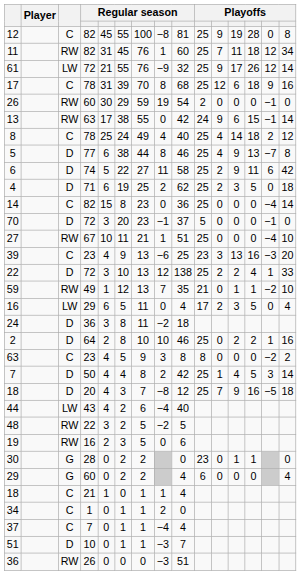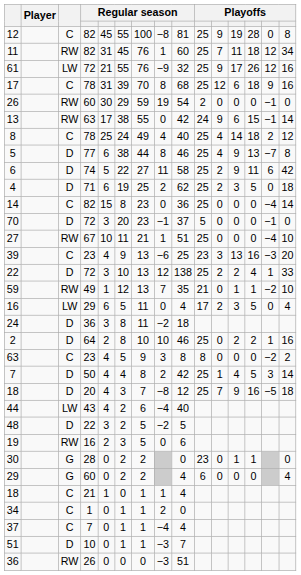 <table class="wikitable sortable plainrowheaders" style="text-align:center;">
 <tr>
 <th scope="col" data-sort-type="number" rowspan="2"></th>
 <th scope="col" rowspan="2">Player</th>
 <th scope="col" rowspan="2"></th>
 <th scope=colgroup colspan=6>Regular season</th>
 <th scope=colgroup colspan=6>Playoffs</th>
 </tr>
 <tr>
 <th scope="col" data-sort-type="number"></th>
 <th scope="col" data-sort-type="number"></th>
 <th scope="col" data-sort-type="number"></th>
 <th scope="col" data-sort-type="number"></th>
 <th scope="col" data-sort-type="number"></th>
 <th scope="col" data-sort-type="number"></th>
 <th scope="col" data-sort-type="number"></th>
 <th scope="col" data-sort-type="number"></th>
 <th scope="col" data-sort-type="number"></th>
 <th scope="col" data-sort-type="number"></th>
 <th scope="col" data-sort-type="number"></th>
 <th scope="col" data-sort-type="number"></th>
 </tr>
 <tr>
 <td scope="row">12</td>
 <td align="left"></td>
 <td>C</td>
 <td>82</td>
 <td>45</td>
 <td>55</td>
 <td>100</td>
 <td>−8</td>
 <td>81</td>
 <td>25</td>
 <td>9</td>
 <td>19</td>
 <td>28</td>
 <td>0</td>
 <td>8</td>
 </tr>
 <tr>
 <td scope="row">11</td>
 <td align="left"></td>
 <td>RW</td>
 <td>82</td>
 <td>31</td>
 <td>45</td>
 <td>76</td>
 <td>1</td>
 <td>60</td>
 <td>25</td>
 <td>7</td>
 <td>11</td>
 <td>18</td>
 <td>12</td>
 <td>34</td>
 </tr>
 <tr>
 <td scope="row">61</td>
 <td align="left"></td>
 <td>LW</td>
 <td>72</td>
 <td>21</td>
 <td>55</td>
 <td>76</td>
 <td>−9</td>
 <td>32</td>
 <td>25</td>
 <td>9</td>
 <td>17</td>
 <td>26</td>
 <td>12</td>
-<td>14</td>
+<td>16</td>
 </tr>
 <tr>
 <td scope="row">17</td>
 <td align="left"></td>
 <td>C</td>
 <td>78</td>
 <td>31</td>
 <td>39</td>
 <td>70</td>
 <td>8</td>
 <td>68</td>
 <td>25</td>
 <td>12</td>
 <td>6</td>
 <td>18</td>
 <td>9</td>
 <td>16</td>
 </tr>
 <tr>
 <td scope="row">26</td>
 <td align="left"></td>
 <td>RW</td>
 <td>60</td>
 <td>30</td>
 <td>29</td>
 <td>59</td>
 <td>19</td>
 <td>54</td>
 <td>2</td>
 <td>0</td>
 <td>0</td>
 <td>0</td>
 <td>−1</td>
 <td>0</td>
 </tr>
 <tr>
 <td scope="row">13</td>
 <td align="left"></td>
 <td>RW</td>
 <td>63</td>
 <td>17</td>
 <td>38</td>
 <td>55</td>
 <td>0</td>
 <td>42</td>
 <td>24</td>
 <td>9</td>
 <td>6</td>
 <td>15</td>
 <td>−1</td>
 <td>14</td>
 </tr>
 <tr>
 <td scope="row">8</td>
 <td align="left"></td>
 <td>C</td>
 <td>78</td>
 <td>25</td>
 <td>24</td>
 <td>49</td>
 <td>4</td>
 <td>40</td>
 <td>25</td>
 <td>4</td>
 <td>14</td>
 <td>18</td>
 <td>2</td>
 <td>12</td>
 </tr>
 <tr>
 <td scope="row">5</td>
 <td align="left"></td>
 <td>D</td>
 <td>77</td>
 <td>6</td>
 <td>38</td>
 <td>44</td>
 <td>8</td>
 <td>46</td>
 <td>25</td>
 <td>4</td>
 <td>9</td>
 <td>13</td>
 <td>−7</td>
 <td>8</td>
 </tr>
 <tr>
 <td scope="row">6</td>
 <td align="left"></td>
 <td>D</td>
 <td>74</td>
 <td>5</td>
 <td>22</td>
 <td>27</td>
 <td>11</td>
 <td>58</td>
 <td>25</td>
 <td>2</td>
 <td>9</td>
 <td>11</td>
 <td>6</td>
 <td>42</td>
 </tr>
 <tr>
 <td scope="row">4</td>
 <td align="left"></td>
 <td>D</td>
 <td>71</td>
 <td>6</td>
 <td>19</td>
 <td>25</td>
 <td>2</td>
 <td>62</td>
 <td>25</td>
 <td>2</td>
 <td>3</td>
 <td>5</td>
 <td>0</td>
 <td>18</td>
 </tr>
 <tr>
 <td scope="row">14</td>
 <td align="left"></td>
 <td>C</td>
 <td>82</td>
 <td>15</td>
 <td>8</td>
 <td>23</td>
 <td>0</td>
 <td>36</td>
 <td>25</td>
 <td>0</td>
 <td>0</td>
 <td>0</td>
 <td>−4</td>
 <td>14</td>
 </tr>
 <tr>
 <td scope="row">70</td>
 <td align="left"></td>
 <td>D</td>
 <td>72</td>
 <td>3</td>
 <td>20</td>
 <td>23</td>
 <td>−1</td>
 <td>37</td>
 <td>5</td>
 <td>0</td>
 <td>0</td>
 <td>0</td>
 <td>−1</td>
 <td>0</td>
 </tr>
 <tr>
 <td scope="row">27</td>
 <td align="left"></td>
 <td>RW</td>
 <td>67</td>
 <td>10</td>
 <td>11</td>
 <td>21</td>
 <td>1</td>
 <td>51</td>
 <td>25</td>
 <td>0</td>
 <td>0</td>
 <td>0</td>
 <td>−4</td>
 <td>10</td>
 </tr>
 <tr>
 <td scope="row">39</td>
 <td align="left"></td>
 <td>C</td>
 <td>23</td>
 <td>4</td>
 <td>9</td>
 <td>13</td>
 <td>−6</td>
 <td>25</td>
 <td>23</td>
 <td>3</td>
 <td>13</td>
 <td>16</td>
 <td>−3</td>
 <td>20</td>
 </tr>
 <tr>
 <td scope="row">22</td>
 <td align="left"></td>
 <td>D</td>
 <td>72</td>
 <td>3</td>
 <td>10</td>
 <td>13</td>
 <td>12</td>
 <td>138</td>
 <td>25</td>
 <td>2</td>
 <td>2</td>
 <td>4</td>
 <td>1</td>
 <td>33</td>
 </tr>
 <tr>
 <td scope="row">59</td>
 <td align="left"></td>
 <td>RW</td>
 <td>49</td>
 <td>1</td>
 <td>12</td>
 <td>13</td>
 <td>7</td>
 <td>35</td>
 <td>21</td>
 <td>0</td>
 <td>1</td>
 <td>1</td>
 <td>−2</td>
 <td>10</td>
 </tr>
 <tr>
 <td scope="row">16</td>
 <td align="left"></td>
 <td>LW</td>
 <td>29</td>
 <td>6</td>
 <td>5</td>
 <td>11</td>
 <td>0</td>
 <td>4</td>
 <td>17</td>
 <td>2</td>
 <td>3</td>
 <td>5</td>
 <td>0</td>
 <td>4</td>
 </tr>
 <tr>
 <td scope="row">24</td>
 <td align="left"></td>
 <td>D</td>
 <td>36</td>
 <td>3</td>
 <td>8</td>
 <td>11</td>
 <td>−2</td>
 <td>18</td>
 <td></td>
 <td></td>
 <td></td>
 <td></td>
 <td></td>
 <td></td>
 </tr>
 <tr>
 <td scope="row">2</td>
 <td align="left"></td>
 <td>D</td>
 <td>64</td>
 <td>2</td>
 <td>8</td>
 <td>10</td>
 <td>10</td>
 <td>46</td>
 <td>25</td>
 <td>0</td>
 <td>2</td>
 <td>2</td>
 <td>1</td>
 <td>16</td>
 </tr>
 <tr>
 <td scope="row">63</td>
 <td align="left"></td>
 <td>C</td>
 <td>23</td>
 <td>4</td>
 <td>5</td>
 <td>9</td>
 <td>3</td>
 <td>8</td>
 <td>8</td>
 <td>0</td>
 <td>0</td>
 <td>0</td>
 <td>−2</td>
 <td>2</td>
 </tr>
 <tr>
 <td scope="row">7</td>
 <td align="left"></td>
 <td>D</td>
 <td>50</td>
 <td>4</td>
 <td>4</td>
 <td>8</td>
 <td>2</td>
 <td>42</td>
 <td>25</td>
 <td>1</td>
 <td>4</td>
 <td>5</td>
 <td>3</td>
 <td>14</td>
 </tr>
 <tr>
 <td scope="row">18</td>
 <td align="left"></td>
 <td>D</td>
 <td>20</td>
 <td>4</td>
 <td>3</td>
 <td>7</td>
 <td>−8</td>
 <td>12</td>
 <td>25</td>
 <td>7</td>
 <td>9</td>
 <td>16</td>
 <td>−5</td>
 <td>18</td>
 </tr>
 <tr>
 <td scope="row">44</td>
 <td align="left"></td>
 <td>LW</td>
 <td>43</td>
 <td>4</td>
 <td>2</td>
 <td>6</td>
 <td>−4</td>
 <td>40</td>
 <td></td>
 <td></td>
 <td></td>
 <td></td>
 <td></td>
 <td></td>
 </tr>
 <tr>
 <td scope="row">48</td>
 <td align="left"></td>
-<td>RW</td>
+<td>D</td>
 <td>22</td>
 <td>3</td>
 <td>2</td>
 <td>5</td>
 <td>−2</td>
 <td>5</td>
 <td></td>
 <td></td>
 <td></td>
 <td></td>
 <td></td>
 <td></td>
 </tr>
 <tr>
 <td scope="row">19</td>
 <td align="left"></td>
 <td>RW</td>
 <td>16</td>
 <td>2</td>
 <td>3</td>
 <td>5</td>
 <td>0</td>
 <td>6</td>
 <td></td>
 <td></td>
 <td></td>
 <td></td>
 <td></td>
 <td></td>
 </tr>
 <tr>
 <td scope="row">30</td>
 <td align="left"></td>
 <td>G</td>
 <td>28</td>
 <td>0</td>
 <td>2</td>
 <td>2</td>
 <td style="background:#ccc"></td>
 <td>0</td>
 <td>23</td>
 <td>0</td>
 <td>1</td>
 <td>1</td>
 <td style="background:#ccc"></td>
 <td>0</td>
 </tr>
 <tr>
 <td scope="row">29</td>
 <td align="left"></td>
 <td>G</td>
 <td>60</td>
 <td>0</td>
 <td>2</td>
 <td>2</td>
 <td style="background:#ccc"></td>
 <td>4</td>
 <td>6</td>
 <td>0</td>
 <td>0</td>
 <td>0</td>
 <td style="background:#ccc"></td>
 <td>4</td>
 </tr>
 <tr>
 <td scope="row">18</td>
 <td align="left"></td>
 <td>C</td>
 <td>21</td>
 <td>1</td>
 <td>0</td>
 <td>1</td>
 <td>1</td>
 <td>4</td>
 <td></td>
 <td></td>
 <td></td>
 <td></td>
 <td></td>
 <td></td>
 </tr>
 <tr>
 <td scope="row">34</td>
 <td align="left"></td>
 <td>C</td>
 <td>1</td>
 <td>0</td>
 <td>1</td>
 <td>1</td>
 <td>2</td>
 <td>0</td>
 <td></td>
 <td></td>
 <td></td>
 <td></td>
 <td></td>
 <td></td>
 </tr>
 <tr>
 <td scope="row">37</td>
 <td align="left"></td>
 <td>C</td>
 <td>7</td>
 <td>0</td>
 <td>1</td>
 <td>1</td>
 <td>−4</td>
 <td>4</td>
 <td></td>
 <td></td>
 <td></td>
 <td></td>
 <td></td>
 <td></td>
 </tr>
 <tr>
 <td scope="row">51</td>
 <td align="left"></td>
 <td>D</td>
 <td>10</td>
 <td>0</td>
 <td>1</td>
 <td>1</td>
 <td>−3</td>
 <td>7</td>
 <td></td>
 <td></td>
 <td></td>
 <td></td>
 <td></td>
 <td></td>
 </tr>
 <tr>
 <td scope="row">36</td>
 <td align="left"></td>
 <td>RW</td>
 <td>26</td>
 <td>0</td>
 <td>0</td>
 <td>0</td>
 <td>−3</td>
 <td>51</td>
 <td></td>
 <td></td>
 <td></td>
 <td></td>
 <td></td>
 <td></td>
 </tr>
 </table>
